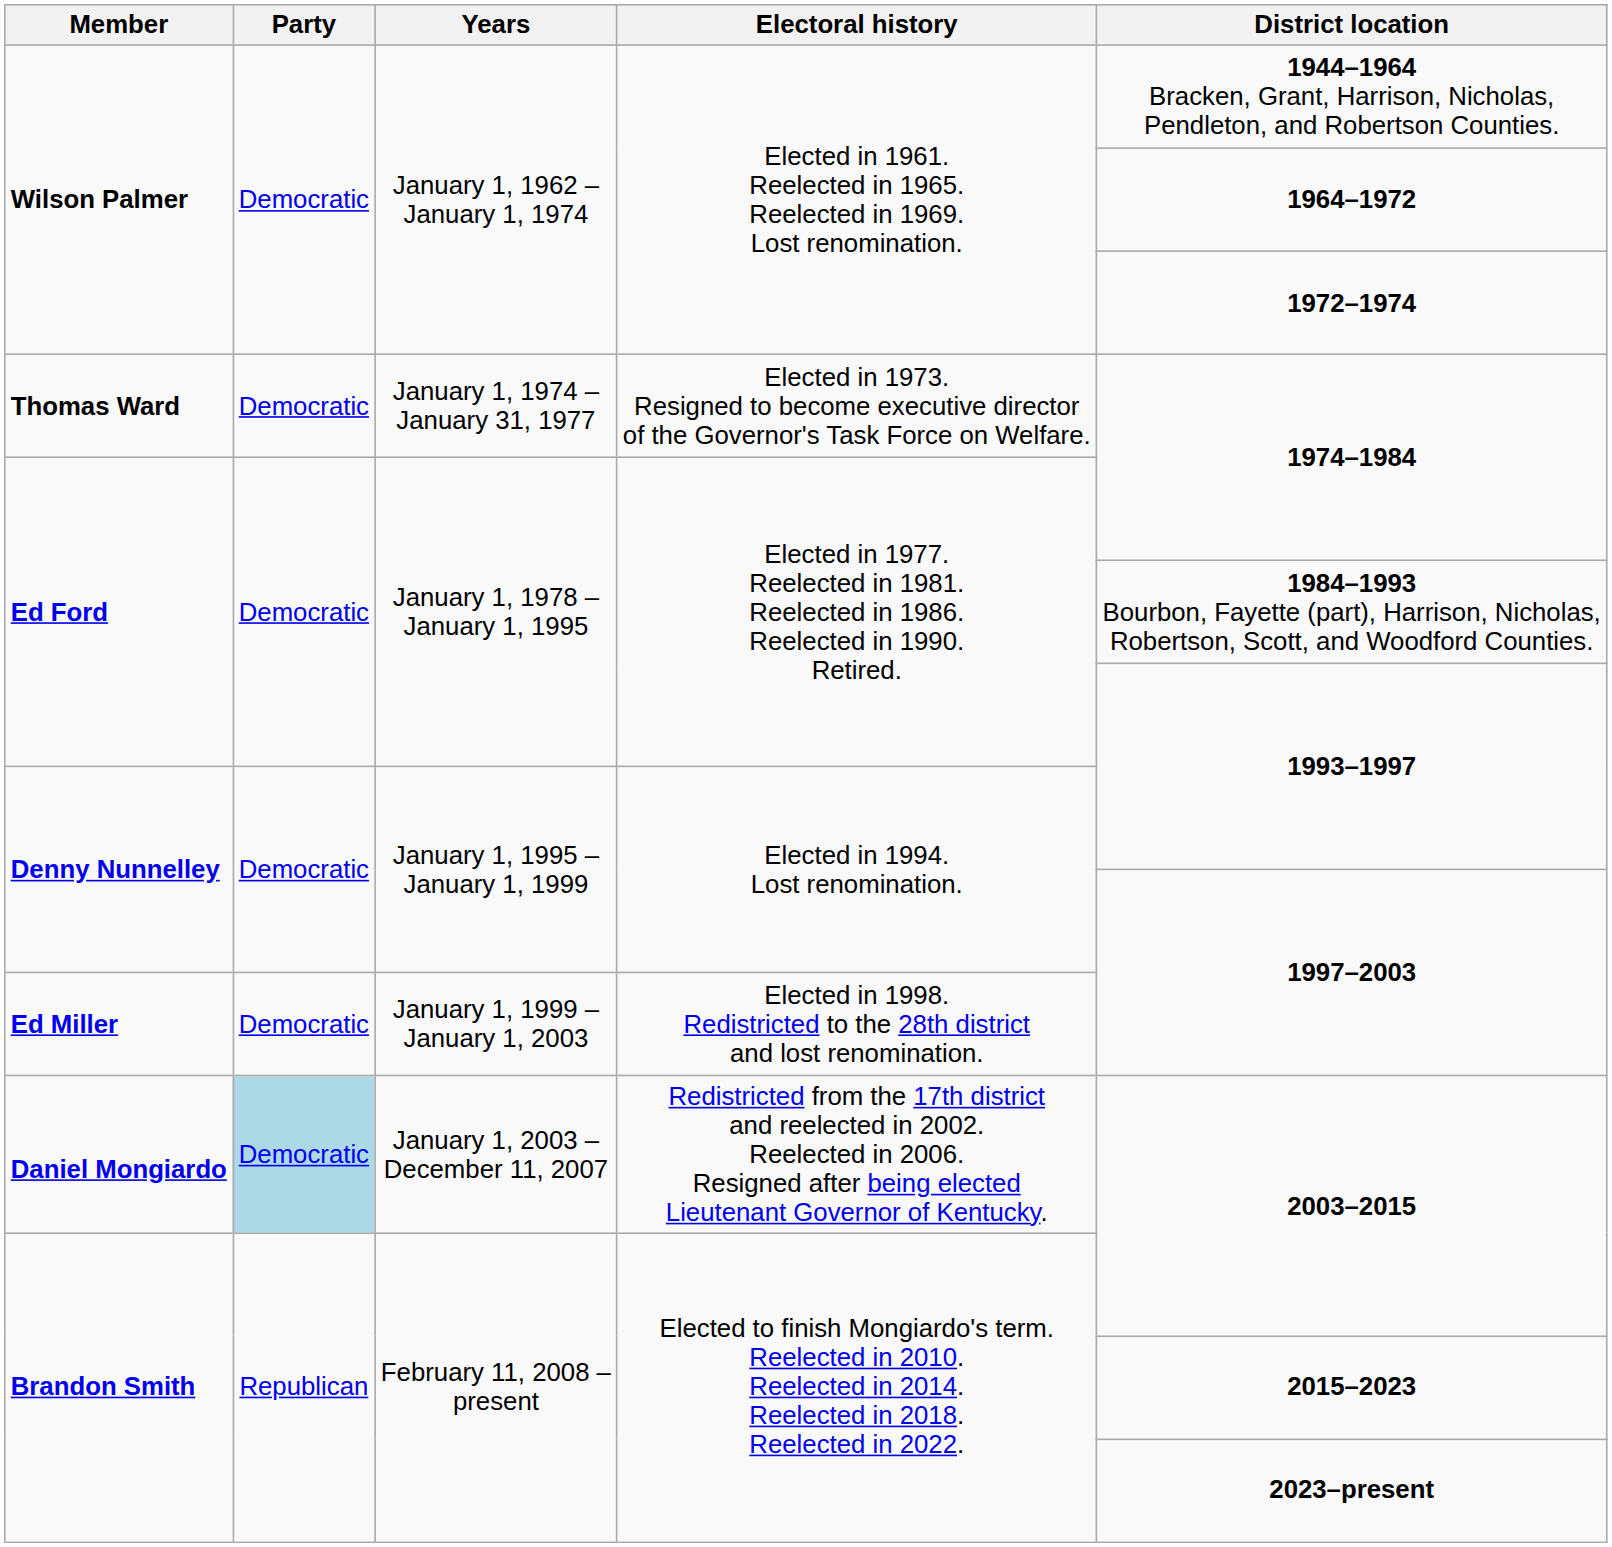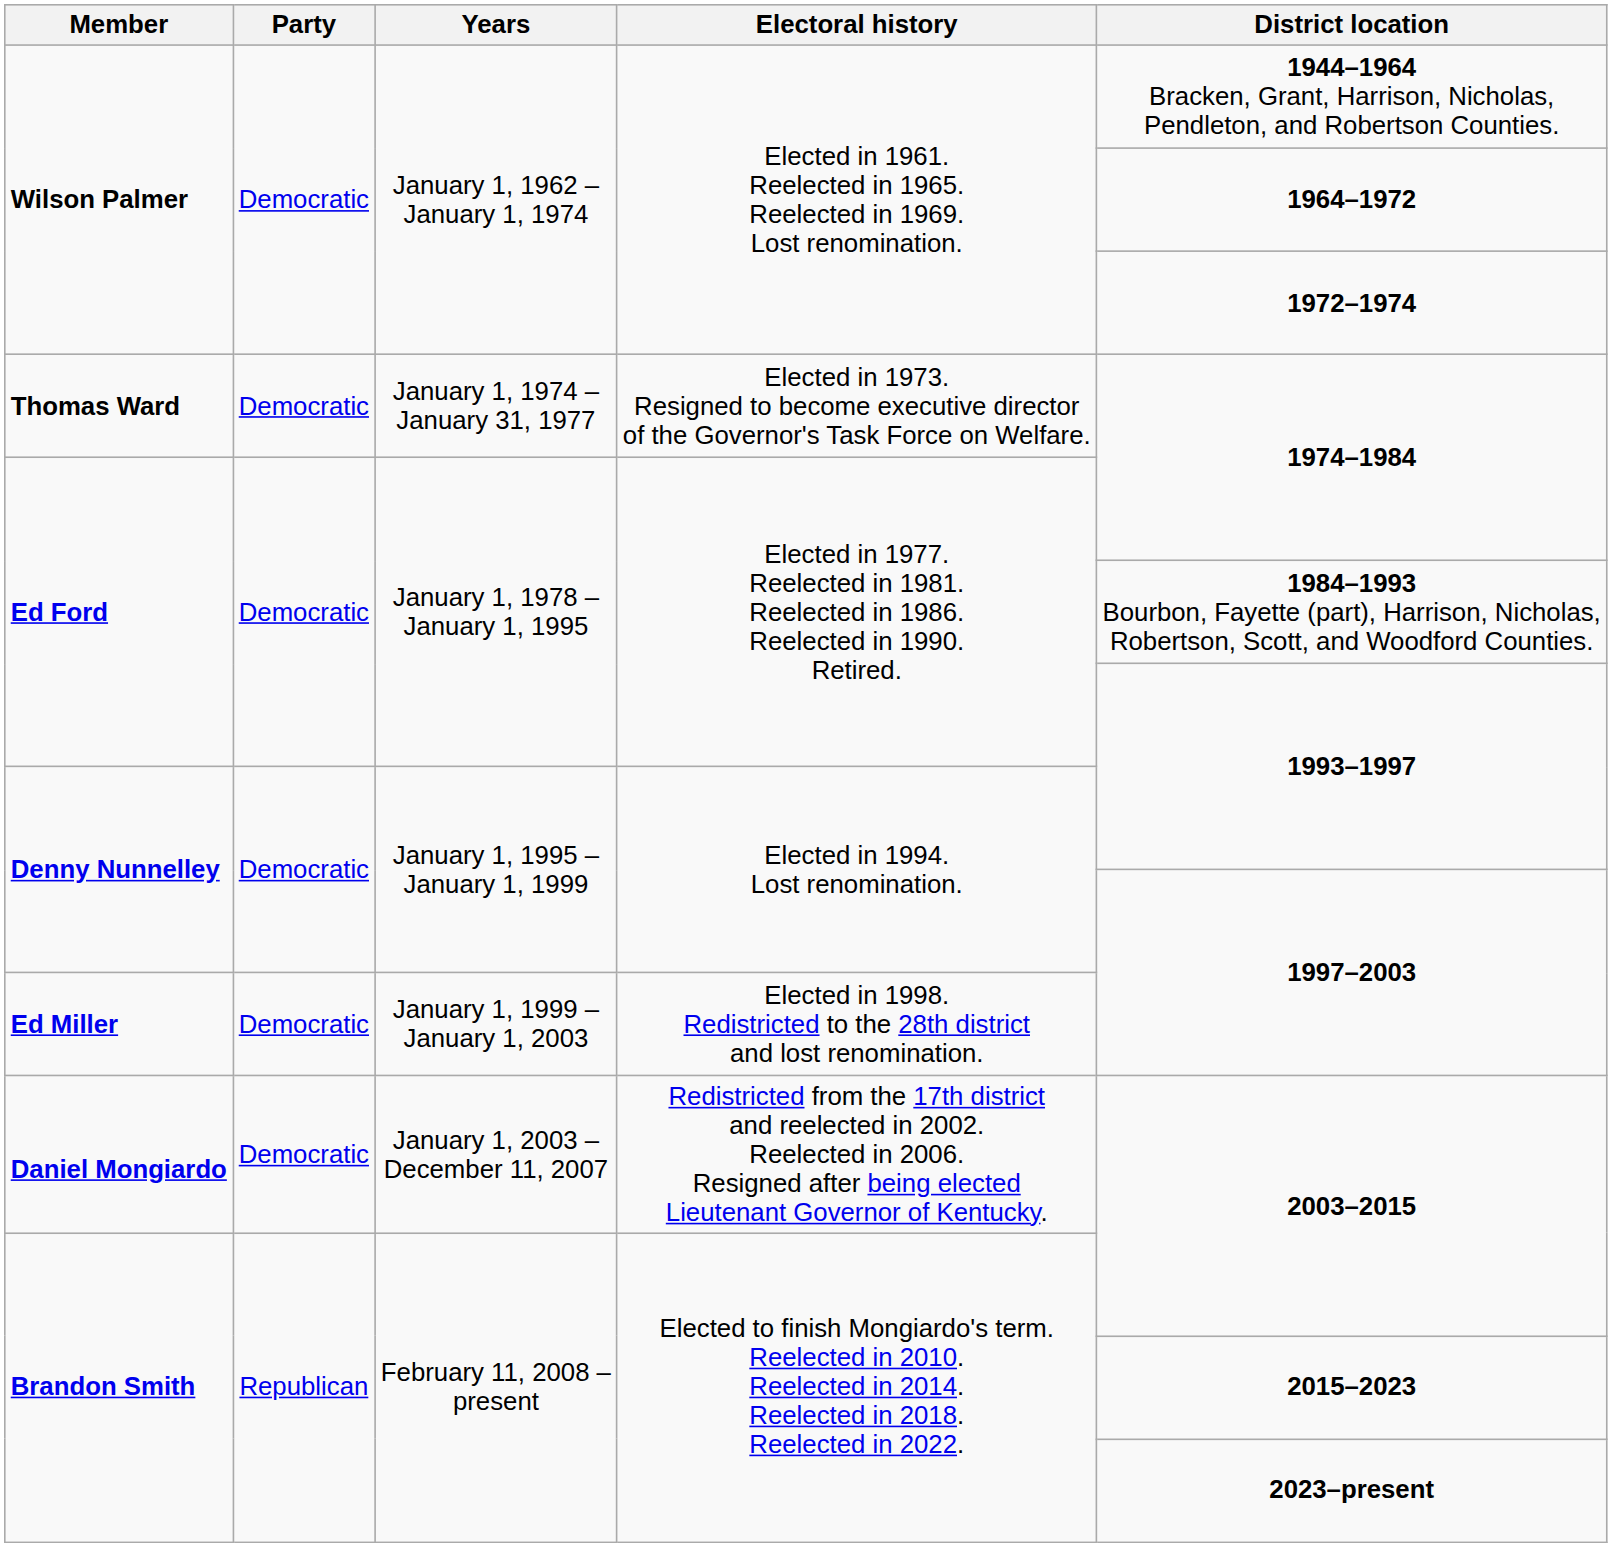 <table class=wikitable style="text-align:center">
 <tr>
 <th>Member</th>
 <th>Party</th>
 <th>Years</th>
 <th>Electoral history</th>
 <th>District location</th>
 </tr>
 <tr style="height:4em">
 <td rowspan=3 align=left><strong>Wilson Palmer</strong><br></td>
 <td rowspan=3 ><a href='#'>Democratic</a></td>
 <td rowspan=3 nowrap>January 1, 1962 –<br>January 1, 1974</td>
 <td rowspan=3>Elected in 1961.<br>Reelected in 1965.<br>Reelected in 1969.<br>Lost renomination.</td>
 <td><strong>1944–1964</strong><br>Bracken, Grant, Harrison, Nicholas,<br>Pendleton, and Robertson Counties.</td>
 </tr>
 <tr style="height:4em">
 <td><strong>1964–1972</strong><br></td>
 </tr>
 <tr style="height:4em">
 <td><strong>1972–1974</strong><br></td>
 </tr>
 <tr style="height:4em">
 <td align=left><strong>Thomas Ward</strong><br></td>
 <td><a href='#'>Democratic</a></td>
 <td nowrap>January 1, 1974 –<br>January 31, 1977</td>
 <td>Elected in 1973.<br>Resigned to become executive director<br>of the Governor's Task Force on Welfare.</td>
 <td rowspan=2><strong>1974–1984</strong><br></td>
 </tr>
 <tr style="height:4em">
 <td rowspan=3 align=left><strong><a href='#'>Ed Ford</a></strong><br></td>
 <td rowspan=3 ><a href='#'>Democratic</a></td>
 <td rowspan=3 nowrap>January 1, 1978 –<br>January 1, 1995</td>
 <td rowspan=3>Elected in 1977.<br>Reelected in 1981.<br>Reelected in 1986.<br>Reelected in 1990.<br>Retired.</td>
 </tr>
 <tr style="height:4em">
 <td><strong>1984–1993</strong><br>Bourbon, Fayette (part), Harrison, Nicholas,<br>Robertson, Scott, and Woodford Counties.</td>
 </tr>
 <tr style="height:4em">
 <td rowspan=2><strong>1993–1997</strong><br></td>
 </tr>
 <tr style="height:4em">
 <td rowspan=2 align=left><strong><a href='#'>Denny Nunnelley</a></strong><br></td>
 <td rowspan=2 ><a href='#'>Democratic</a></td>
 <td rowspan=2 nowrap>January 1, 1995 –<br>January 1, 1999</td>
 <td rowspan=2>Elected in 1994.<br>Lost renomination.</td>
 </tr>
 <tr style="height:4em">
 <td rowspan=2><strong>1997–2003</strong><br></td>
 </tr>
 <tr style="height:4em">
 <td align=left><strong><a href='#'>Ed Miller</a></strong><br></td>
 <td><a href='#'>Democratic</a></td>
 <td nowrap>January 1, 1999 –<br>January 1, 2003</td>
 <td>Elected in 1998.<br><a href='#'>Redistricted</a> to the <a href='#'>28th district</a><br>and lost renomination.</td>
 </tr>
 <tr style="height:4em">
 <td align=left><br><strong><a href='#'>Daniel Mongiardo</a></strong><br></td>
-<td style="background: lightblue;"><a href='#'>Democratic</a></td>
+<td><a href='#'>Democratic</a></td>
 <td nowrap>January 1, 2003 –<br>December 11, 2007</td>
 <td><a href='#'>Redistricted</a> from the <a href='#'>17th district</a><br>and reelected in 2002.<br>Reelected in 2006.<br>Resigned after <a href='#'>being elected</a><br><a href='#'>Lieutenant Governor of Kentucky</a>.</td>
 <td rowspan=2><strong>2003–2015</strong><br></td>
 </tr>
 <tr style="height:4em">
 <td rowspan=3 align=left><strong><a href='#'>Brandon Smith</a></strong><br></td>
 <td rowspan=3 ><a href='#'>Republican</a></td>
 <td rowspan=3 nowrap>February 11, 2008 –<br>present</td>
 <td rowspan=3>Elected to finish Mongiardo's term.<br><a href='#'>Reelected in 2010</a>.<br><a href='#'>Reelected in 2014</a>.<br><a href='#'>Reelected in 2018</a>.<br><a href='#'>Reelected in 2022</a>.</td>
 </tr>
 <tr style="height:4em">
 <td><strong>2015–2023</strong><br></td>
 </tr>
 <tr style="height:4em">
 <td><strong>2023–present</strong><br></td>
 </tr>
 </table>
